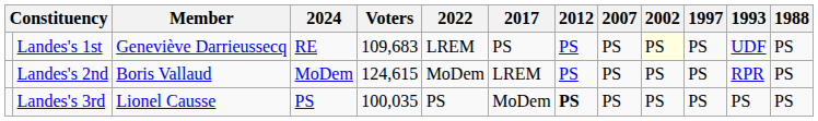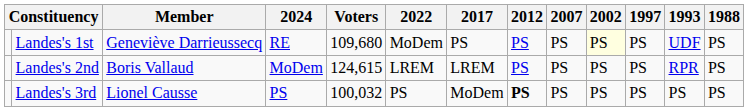 <table class="wikitable sortable">
 <tr>
 <th colspan="2">Constituency</th>
 <th>Member</th>
 <th>2024</th>
 <th>Voters</th>
 <th>2022</th>
 <th>2017</th>
 <th>2012</th>
 <th>2007</th>
 <th>2002</th>
 <th>1997</th>
 <th>1993</th>
 <th>1988</th>
 </tr>
 <tr>
 <td style="background-color: "></td>
 <td><a href='#'>Landes's 1st</a></td>
 <td><a href='#'>Geneviève Darrieussecq</a></td>
 <td><a href='#'>RE</a></td>
-<td>109,683</td>
-<td>LREM</td>
+<td>109,680</td>
+<td>MoDem</td>
 <td>PS</td>
 <td><a href='#'>PS</a></td>
 <td>PS</td>
 <td style="background: lightyellow;">PS</td>
 <td>PS</td>
 <td><a href='#'>UDF</a></td>
 <td>PS</td>
 </tr>
 <tr>
 <td style="background-color: "></td>
 <td><a href='#'>Landes's 2nd</a></td>
 <td><a href='#'>Boris Vallaud</a></td>
 <td><a href='#'>MoDem</a></td>
 <td>124,615</td>
-<td>MoDem</td>
+<td>LREM</td>
 <td>LREM</td>
 <td><a href='#'>PS</a></td>
 <td>PS</td>
 <td>PS</td>
 <td>PS</td>
 <td><a href='#'>RPR</a></td>
 <td>PS</td>
 </tr>
 <tr>
 <td style="background-color: "></td>
 <td><a href='#'>Landes's 3rd</a></td>
 <td><a href='#'>Lionel Causse</a></td>
 <td><a href='#'>PS</a></td>
-<td>100,035</td>
+<td>100,032</td>
 <td>PS</td>
 <td>MoDem</td>
 <td><strong>PS</strong></td>
 <td>PS</td>
 <td>PS</td>
 <td>PS</td>
 <td>PS</td>
 <td>PS</td>
 </tr>
 </table>
